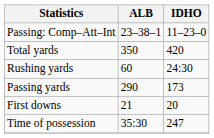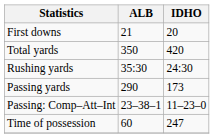 <table class="wikitable" style="float: left;">
 <tr>
 <th>Statistics</th>
 <th>ALB</th>
 <th>IDHO</th>
 </tr>
 <tr>
-<td>Passing: Comp–Att–Int</td>
-<td>23–38–1</td>
-<td>11–23–0</td>
+<td>First downs</td>
+<td>21</td>
+<td>20</td>
 </tr>
 <tr>
 <td>Total yards</td>
 <td>350</td>
 <td>420</td>
 </tr>
 <tr>
 <td>Rushing yards</td>
-<td>60</td>
+<td>35:30</td>
 <td>24:30</td>
 </tr>
 <tr>
 <td>Passing yards</td>
 <td>290</td>
 <td>173</td>
 </tr>
 <tr>
-<td>First downs</td>
-<td>21</td>
-<td>20</td>
+<td>Passing: Comp–Att–Int</td>
+<td>23–38–1</td>
+<td>11–23–0</td>
 </tr>
 <tr>
 <td>Time of possession</td>
-<td>35:30</td>
+<td>60</td>
 <td>247</td>
 </tr>
 <tr>
 </tr>
 </table>
